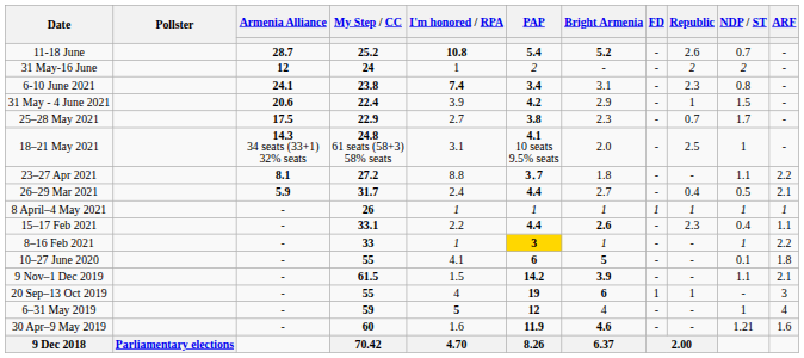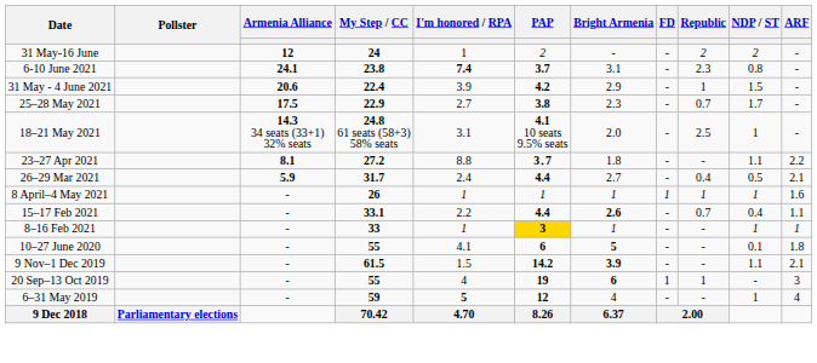 <table class="wikitable sortable" style="text-align:center;font-size:90%;line-height:14px;">
 <tr style="height:40px;">
 <th rowspan=2>Date</th>
 <th rowspan=2>Pollster</th>
 <th><a href='#'>Armenia Alliance</a></th>
 <th><a href='#'>My Step</a> / <a href='#'>CC</a></th>
 <th><a href='#'>I'm honored</a> / <a href='#'>RPA</a></th>
 <th><a href='#'>PAP</a></th>
 <th><a href='#'>Bright Armenia</a></th>
 <th><a href='#'>FD</a></th>
 <th><a href='#'>Republic</a></th>
 <th><a href='#'>NDP</a> / <a href='#'>ST</a></th>
 <th><a href='#'>ARF</a></th>
 </tr>
 <tr>
 <th style="background:"></th>
 <th style="background:"></th>
 <th style="background:"></th>
 <th style="background:"></th>
 <th style="background:"></th>
 <th style="background:"></th>
 <th style="background:"></th>
 <th style="background:"></th>
 <th style="background:"></th>
 </tr>
 <tr>
-<td>11-18 June</td>
-<td></td>
-<td><strong>28.7</strong></td>
-<td><strong>25.2</strong></td>
-<td><strong>10.8</strong></td>
-<td><strong>5.4</strong></td>
-<td><strong>5.2</strong></td>
-<td>-</td>
-<td>2.6</td>
-<td>0.7</td>
-<td>-</td>
-</tr>
-<tr>
 <td>31 May-16 June</td>
 <td></td>
 <td><strong>12</strong></td>
 <td><strong>24</strong></td>
 <td>1</td>
 <td><em>2</em></td>
 <td>-</td>
 <td>-</td>
 <td><em>2</em></td>
 <td><em>2</em></td>
 <td>-</td>
 </tr>
 <tr>
 <td>6-10 June 2021</td>
 <td></td>
 <td><strong>24.1</strong></td>
 <td><strong>23.8</strong></td>
 <td><strong>7.4</strong></td>
-<td><strong>3.4</strong></td>
+<td><strong>3.7</strong></td>
 <td>3.1</td>
 <td>-</td>
 <td>2.3</td>
 <td>0.8</td>
 <td>-</td>
 </tr>
 <tr>
 <td>31 May - 4 June 2021</td>
 <td></td>
 <td><strong>20.6</strong></td>
 <td><strong>22.4</strong></td>
 <td>3.9</td>
 <td><strong>4.2</strong></td>
 <td>2.9</td>
 <td>-</td>
 <td>1</td>
 <td>1.5</td>
 <td>-</td>
 </tr>
 <tr>
 <td>25–28 May 2021</td>
 <td></td>
 <td><strong>17.5</strong></td>
 <td><strong>22.9</strong></td>
 <td>2.7</td>
 <td><strong>3.8</strong></td>
 <td>2.3</td>
 <td>-</td>
 <td>0.7</td>
 <td>1.7</td>
 <td>-</td>
 </tr>
 <tr>
 <td>18–21 May 2021</td>
 <td></td>
 <td><strong>14.3</strong><br>34 seats (33+1)<br>32% seats</td>
 <td><strong>24.8</strong><br>61 seats (58+3)<br>58% seats</td>
 <td>3.1</td>
 <td><strong>4.1</strong><br>10 seats<br>9.5% seats</td>
 <td>2.0</td>
 <td>-</td>
 <td>2.5</td>
 <td>1</td>
 <td>-</td>
 </tr>
 <tr>
 <td>23–27 Apr 2021</td>
 <td></td>
 <td><strong>8.1</strong></td>
 <td><strong>27.2</strong></td>
 <td>8.8</td>
 <td><strong>3․7</strong></td>
 <td>1.8</td>
 <td>-</td>
 <td>-</td>
 <td>1.1</td>
 <td>2.2</td>
 </tr>
 <tr>
 <td>26–29 Mar 2021</td>
 <td></td>
 <td><strong>5.9</strong></td>
 <td><strong>31.7</strong></td>
 <td>2.4</td>
 <td><strong>4.4</strong></td>
 <td>2.7</td>
 <td>-</td>
 <td>0.4</td>
 <td>0.5</td>
 <td>2.1</td>
 </tr>
 <tr>
 <td>8 April–4 May 2021</td>
 <td></td>
 <td>-</td>
 <td><strong>26</strong></td>
 <td><em>1</em></td>
 <td><em>1</em></td>
 <td><em>1</em></td>
 <td><em>1</em></td>
 <td><em>1</em></td>
 <td><em>1</em></td>
-<td><em>1</em></td>
+<td>1.6</td>
 </tr>
 <tr>
 <td>15–17 Feb 2021</td>
 <td></td>
 <td>-</td>
 <td><strong>33.1</strong></td>
 <td>2.2</td>
 <td><strong>4.4</strong></td>
 <td><strong>2.6</strong></td>
 <td>-</td>
-<td>2.3</td>
+<td>0.7</td>
 <td>0.4</td>
 <td>1.1</td>
 </tr>
 <tr>
 <td>8–16 Feb 2021</td>
 <td></td>
 <td>-</td>
 <td><strong>33</strong></td>
 <td><em>1</em></td>
 <td style="background: gold;"><strong>3</strong></td>
 <td><em>1</em></td>
 <td>-</td>
 <td>-</td>
 <td><em>1</em></td>
-<td>2.2</td>
+<td><em>1</em></td>
 </tr>
 <tr>
 <td>10–27 June 2020</td>
 <td></td>
 <td>-</td>
 <td><strong>55</strong></td>
 <td>4.1</td>
 <td><strong>6</strong></td>
 <td><strong>5</strong></td>
 <td>-</td>
 <td>-</td>
 <td>0.1</td>
 <td>1.8</td>
 </tr>
 <tr>
 <td>9 Nov–1 Dec 2019</td>
 <td> </td>
 <td>-</td>
 <td><strong>61.5</strong></td>
 <td>1.5</td>
 <td><strong>14.2</strong></td>
 <td><strong>3.9</strong></td>
 <td>-</td>
 <td>-</td>
 <td>1.1</td>
 <td>2.1</td>
 </tr>
 <tr>
 <td>20 Sep–13 Oct 2019</td>
 <td></td>
 <td>-</td>
 <td><strong>55</strong></td>
 <td>4</td>
 <td><strong>19</strong></td>
 <td><strong>6</strong></td>
 <td>1</td>
 <td>1</td>
 <td>-</td>
 <td>3</td>
 </tr>
 <tr>
 <td>6–31 May 2019</td>
 <td></td>
 <td>-</td>
 <td><strong>59</strong></td>
 <td><strong>5</strong></td>
 <td><strong>12</strong></td>
 <td>4</td>
 <td>-</td>
 <td>-</td>
 <td>1</td>
 <td>4</td>
 </tr>
 <tr>
-<td>30 Apr–9 May 2019</td>
-<td></td>
-<td>-</td>
-<td><strong>60</strong></td>
-<td>1.6</td>
-<td><strong>11.9</strong></td>
-<td><strong>4.6</strong></td>
-<td>-</td>
-<td>-</td>
-<td>1.21</td>
-<td>1.6</td>
-</tr>
-<tr>
 <th>9 Dec 2018</th>
 <th><a href='#'>Parliamentary elections</a></th>
 <td></td>
 <th>70.42</th>
 <th>4.70</th>
 <th>8.26</th>
 <th>6.37</th>
 <th colspan="2">2.00</th>
 <td></td>
 <td></td>
 </tr>
 </table>
